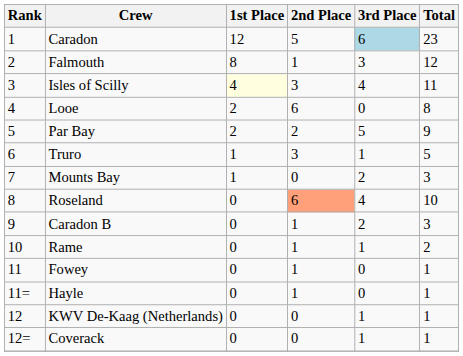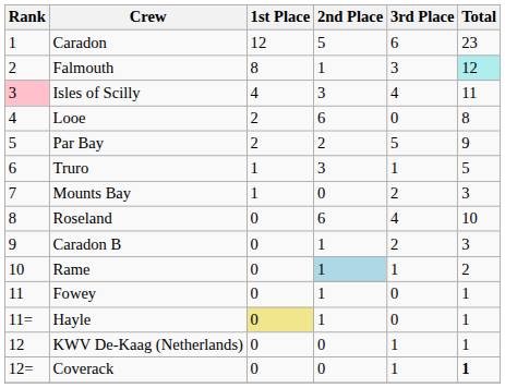 <table class="wikitable sortable">
 <tr>
 <th>Rank</th>
 <th>Crew</th>
 <th>1st Place</th>
 <th>2nd Place</th>
 <th>3rd Place</th>
 <th>Total</th>
 </tr>
 <tr>
 <td>1</td>
 <td>Caradon</td>
 <td>12</td>
 <td>5</td>
-<td style="background: lightblue;">6</td>
+<td>6</td>
 <td>23</td>
 </tr>
 <tr>
 <td>2</td>
 <td>Falmouth</td>
 <td>8</td>
 <td>1</td>
 <td>3</td>
-<td>12</td>
+<td style="background: paleturquoise;">12</td>
 </tr>
 <tr>
-<td>3</td>
+<td style="background: pink;">3</td>
 <td>Isles of Scilly</td>
-<td style="background: lightyellow;">4</td>
+<td>4</td>
 <td>3</td>
 <td>4</td>
 <td>11</td>
 </tr>
 <tr>
 <td>4</td>
 <td>Looe</td>
 <td>2</td>
 <td>6</td>
 <td>0</td>
 <td>8</td>
 </tr>
 <tr>
 <td>5</td>
 <td>Par Bay</td>
 <td>2</td>
 <td>2</td>
 <td>5</td>
 <td>9</td>
 </tr>
 <tr>
 <td>6</td>
 <td>Truro</td>
 <td>1</td>
 <td>3</td>
 <td>1</td>
 <td>5</td>
 </tr>
 <tr>
 <td>7</td>
 <td>Mounts Bay</td>
 <td>1</td>
 <td>0</td>
 <td>2</td>
 <td>3</td>
 </tr>
 <tr>
 <td>8</td>
 <td>Roseland</td>
 <td>0</td>
-<td style="background: lightsalmon;">6</td>
+<td>6</td>
 <td>4</td>
 <td>10</td>
 </tr>
 <tr>
 <td>9</td>
 <td>Caradon B</td>
 <td>0</td>
 <td>1</td>
 <td>2</td>
 <td>3</td>
 </tr>
 <tr>
 <td>10</td>
 <td>Rame</td>
 <td>0</td>
-<td>1</td>
+<td style="background: lightblue;">1</td>
 <td>1</td>
 <td>2</td>
 </tr>
 <tr>
 <td>11</td>
 <td>Fowey</td>
 <td>0</td>
 <td>1</td>
 <td>0</td>
 <td>1</td>
 </tr>
 <tr>
 <td>11=</td>
 <td>Hayle</td>
-<td>0</td>
+<td style="background: khaki;">0</td>
 <td>1</td>
 <td>0</td>
 <td>1</td>
 </tr>
 <tr>
 <td>12</td>
 <td>KWV De-Kaag (Netherlands)</td>
 <td>0</td>
 <td>0</td>
 <td>1</td>
 <td>1</td>
 </tr>
 <tr>
 <td>12=</td>
 <td>Coverack</td>
 <td>0</td>
 <td>0</td>
 <td>1</td>
-<td>1</td>
+<td><strong>1</strong></td>
 </tr>
 <tr>
 </tr>
 </table>
